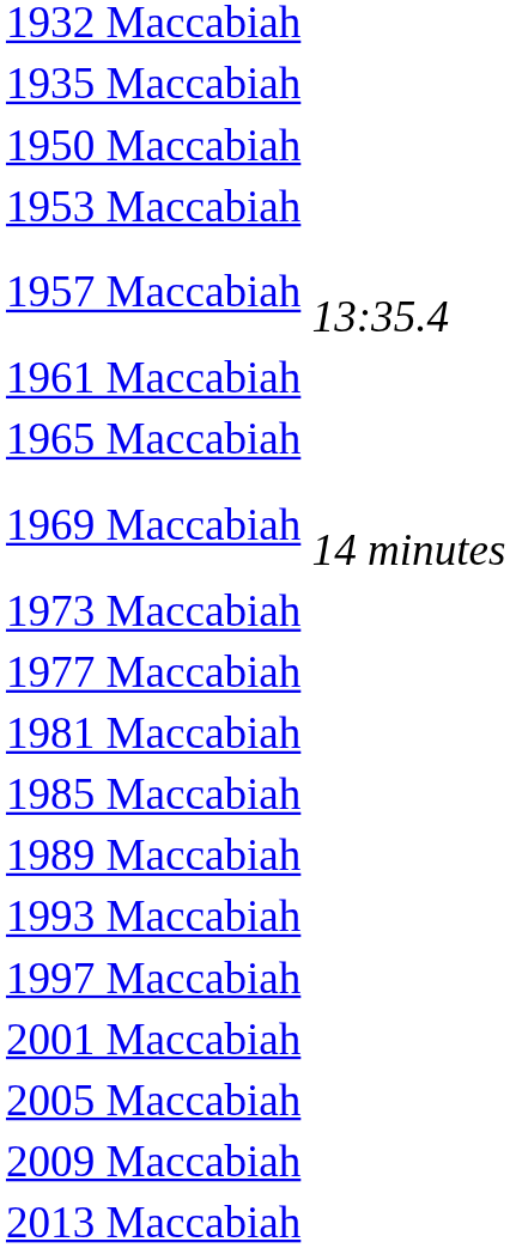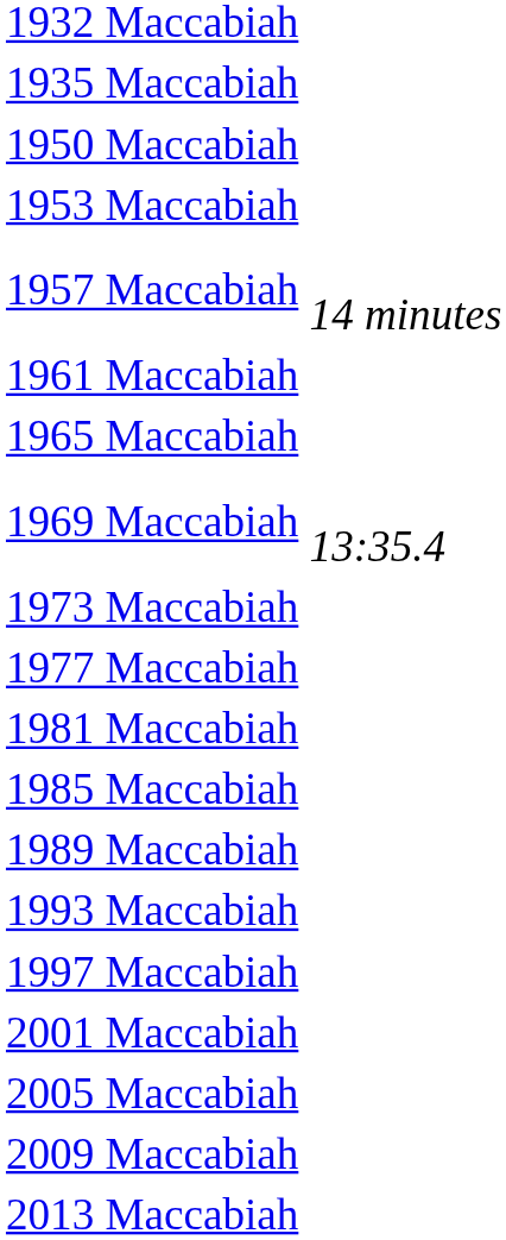 <table>
 <tr valign="top">
 <td><a href='#'>1932 Maccabiah</a></td>
 <td></td>
 <td></td>
 <td></td>
 </tr>
 <tr>
 <td><a href='#'>1935 Maccabiah</a></td>
 <td></td>
 <td></td>
 <td></td>
 </tr>
 <tr>
 <td><a href='#'>1950 Maccabiah</a></td>
 <td></td>
 <td></td>
 <td></td>
 </tr>
 <tr>
 <td><a href='#'>1953 Maccabiah</a></td>
 <td></td>
 <td></td>
 <td></td>
 </tr>
 <tr>
 <td><a href='#'>1957 Maccabiah</a></td>
-<td><br><em>13:35.4</em></td>
+<td><br><em>14 minutes</em></td>
 <td></td>
 <td></td>
 </tr>
 <tr>
 <td><a href='#'>1961 Maccabiah</a></td>
 <td></td>
 <td></td>
 <td></td>
 </tr>
 <tr>
 <td><a href='#'>1965 Maccabiah</a></td>
 <td></td>
 <td></td>
 <td></td>
 </tr>
 <tr>
 <td><a href='#'>1969 Maccabiah</a></td>
-<td><br><em>14 minutes</em></td>
+<td><br><em>13:35.4</em></td>
 <td></td>
 <td></td>
 </tr>
 <tr>
 <td><a href='#'>1973 Maccabiah</a></td>
 <td></td>
 <td></td>
 <td></td>
 </tr>
 <tr>
 <td><a href='#'>1977 Maccabiah</a></td>
 <td></td>
 <td></td>
 <td></td>
 </tr>
 <tr>
 <td><a href='#'>1981 Maccabiah</a></td>
 <td></td>
 <td></td>
 <td></td>
 </tr>
 <tr>
 <td><a href='#'>1985 Maccabiah</a></td>
 <td></td>
 <td></td>
 <td></td>
 </tr>
 <tr>
 <td><a href='#'>1989 Maccabiah</a></td>
 <td></td>
 <td></td>
 <td></td>
 </tr>
 <tr>
 <td><a href='#'>1993 Maccabiah</a></td>
 <td></td>
 <td></td>
 <td></td>
 </tr>
 <tr>
 <td><a href='#'>1997 Maccabiah</a></td>
 <td></td>
 <td></td>
 <td></td>
 </tr>
 <tr>
 <td><a href='#'>2001 Maccabiah</a></td>
 <td></td>
 <td></td>
 <td></td>
 </tr>
 <tr>
 <td><a href='#'>2005 Maccabiah</a></td>
 <td></td>
 <td></td>
 <td></td>
 </tr>
 <tr>
 <td><a href='#'>2009 Maccabiah</a></td>
 <td></td>
 <td></td>
 <td></td>
 </tr>
 <tr>
 <td><a href='#'>2013 Maccabiah</a></td>
 <td></td>
 <td></td>
 <td></td>
 </tr>
 </table>
